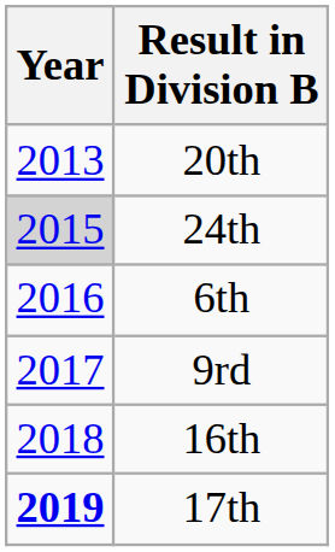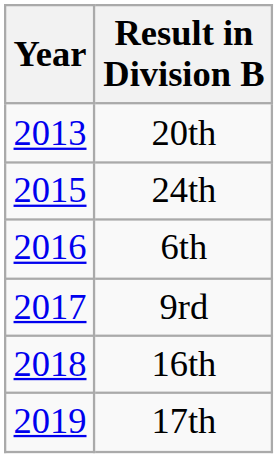 <table class="wikitable" style="text-align:center">
 <tr>
 <th>Year</th>
 <th>Result in<br>Division B</th>
 </tr>
 <tr>
 <td><a href='#'>2013</a></td>
 <td>20th</td>
 </tr>
 <tr>
-<td style="background: lightgrey;"><a href='#'>2015</a></td>
+<td><a href='#'>2015</a></td>
 <td>24th</td>
 </tr>
 <tr>
 <td><a href='#'>2016</a></td>
 <td>6th</td>
 </tr>
 <tr>
 <td><a href='#'>2017</a></td>
 <td>9rd</td>
 </tr>
 <tr>
 <td><a href='#'>2018</a></td>
 <td>16th</td>
 </tr>
 <tr>
-<td><strong><a href='#'>2019</a></strong></td>
+<td><a href='#'>2019</a></td>
 <td>17th</td>
 </tr>
 </table>
